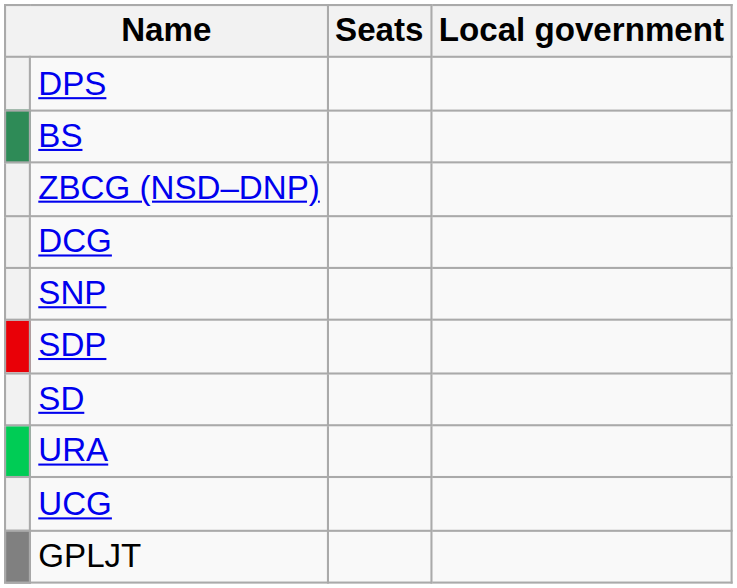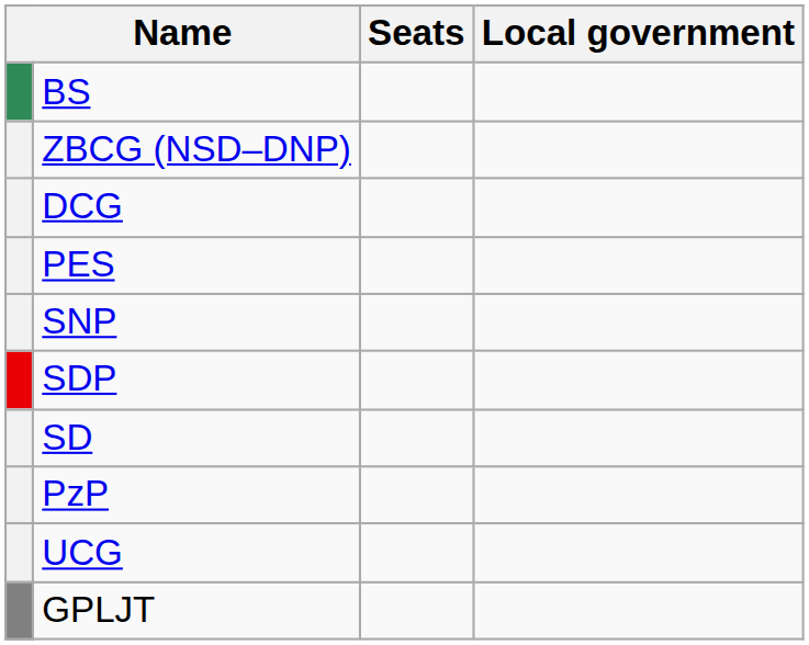 <table class="wikitable">
 <tr>
 <th colspan=2>Name</th>
 <th>Seats</th>
 <th>Local government</th>
-</tr>
-<tr>
-<th style="background-color: "></th>
-<td><a href='#'>DPS</a></td>
-<td></td>
-<td></td>
 </tr>
 <tr>
 <th style="background-color: #2E8B57;"></th>
 <td><a href='#'>BS</a></td>
 <td></td>
 <td></td>
 </tr>
 <tr>
 <th style="background-color:"></th>
 <td><a href='#'>ZBCG (NSD–DNP)</a></td>
 <td></td>
 <td></td>
 </tr>
 <tr>
 <th style="background:"></th>
 <td><a href='#'>DCG</a></td>
+<td></td>
+<td></td>
+</tr>
+<tr>
+<th style="background:"></th>
+<td><a href='#'>PES</a></td>
 <td></td>
 <td></td>
 </tr>
 <tr>
 <th style="background-color: "></th>
 <td><a href='#'>SNP</a></td>
 <td></td>
 <td></td>
 </tr>
 <tr>
 <th style="background-color: #e90007;"></th>
 <td><a href='#'>SDP</a></td>
 <td></td>
 <td></td>
 </tr>
 <tr>
 <th style="background:"></th>
 <td><a href='#'>SD</a></td>
 <td></td>
 <td></td>
 </tr>
 <tr>
-<th style="background-color: #00cc55;"></th>
-<td><a href='#'>URA</a></td>
+<th style="background-color:"></th>
+<td><a href='#'>PzP</a></td>
 <td></td>
 <td></td>
 </tr>
 <tr>
 <th style="background:"></th>
 <td><a href='#'>UCG</a></td>
 <td></td>
 <td></td>
 </tr>
 <tr>
 <th style="width:5px; background:gray;"></th>
 <td>GPLJT</td>
 <td></td>
 <td></td>
 </tr>
 </table>
